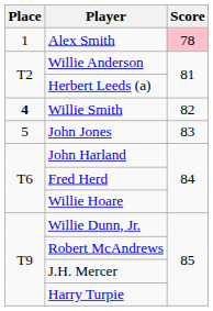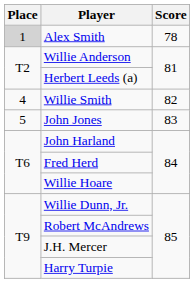 <table class=wikitable>
 <tr>
 <th>Place</th>
 <th>Player</th>
 <th>Score</th>
 </tr>
 <tr>
-<td align=center>1</td>
+<td align=center style="background: lightgrey;">1</td>
 <td> <a href='#'>Alex Smith</a></td>
-<td align=center style="background: pink;">78</td>
+<td align=center>78</td>
 </tr>
 <tr>
 <td rowspan=2 align=center>T2</td>
 <td> <a href='#'>Willie Anderson</a></td>
 <td rowspan=2 align=center>81</td>
 </tr>
 <tr>
 <td> <a href='#'>Herbert Leeds</a> (a)</td>
 </tr>
 <tr>
-<td align=center><strong>4</strong></td>
+<td align=center>4</td>
 <td> <a href='#'>Willie Smith</a></td>
 <td align=center>82</td>
 </tr>
 <tr>
 <td align=center>5</td>
 <td> <a href='#'>John Jones</a></td>
 <td align=center>83</td>
 </tr>
 <tr>
 <td rowspan=3 align=center>T6</td>
 <td> <a href='#'>John Harland</a></td>
 <td rowspan=3 align=center>84</td>
 </tr>
 <tr>
 <td> <a href='#'>Fred Herd</a></td>
 </tr>
 <tr>
 <td> <a href='#'>Willie Hoare</a></td>
 </tr>
 <tr>
 <td rowspan=4 align=center>T9</td>
 <td> <a href='#'>Willie Dunn, Jr.</a></td>
 <td rowspan=4 align=center>85</td>
 </tr>
 <tr>
 <td> <a href='#'>Robert McAndrews</a></td>
 </tr>
 <tr>
 <td>J.H. Mercer</td>
 </tr>
 <tr>
 <td> <a href='#'>Harry Turpie</a></td>
 </tr>
 </table>
